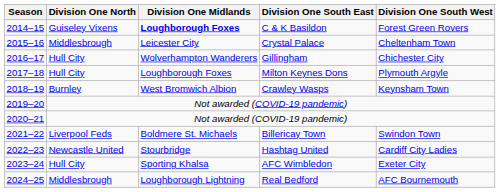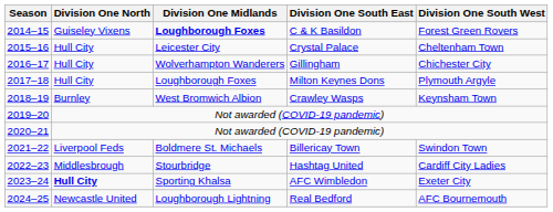 <table class="wikitable" style="font-size:90%;">
 <tr>
 <th>Season</th>
 <th>Division One North</th>
 <th>Division One Midlands</th>
 <th>Division One South East</th>
 <th>Division One South West</th>
 </tr>
 <tr>
 <td><a href='#'>2014–15</a></td>
 <td><a href='#'>Guiseley Vixens</a></td>
 <td><strong><a href='#'>Loughborough Foxes</a></strong></td>
 <td><a href='#'>C & K Basildon</a></td>
 <td><a href='#'>Forest Green Rovers</a></td>
 </tr>
 <tr>
 <td><a href='#'>2015–16</a></td>
-<td><a href='#'>Middlesbrough</a></td>
+<td><a href='#'>Hull City</a></td>
 <td><a href='#'>Leicester City</a></td>
 <td><a href='#'>Crystal Palace</a></td>
 <td><a href='#'>Cheltenham Town</a></td>
 </tr>
 <tr>
 <td><a href='#'>2016–17</a></td>
 <td><a href='#'>Hull City</a></td>
 <td><a href='#'>Wolverhampton Wanderers</a></td>
 <td><a href='#'>Gillingham</a></td>
 <td><a href='#'>Chichester City</a></td>
 </tr>
 <tr>
 <td><a href='#'>2017–18</a></td>
 <td><a href='#'>Hull City</a></td>
 <td><a href='#'>Loughborough Foxes</a></td>
 <td><a href='#'>Milton Keynes Dons</a></td>
 <td><a href='#'>Plymouth Argyle</a></td>
 </tr>
 <tr>
 <td><a href='#'>2018–19</a></td>
 <td><a href='#'>Burnley</a></td>
 <td><a href='#'>West Bromwich Albion</a></td>
 <td><a href='#'>Crawley Wasps</a></td>
 <td><a href='#'>Keynsham Town</a></td>
 </tr>
 <tr>
 <td><a href='#'>2019–20</a></td>
 <td colspan=4 style="text-align: center"><em>Not awarded (<a href='#'>COVID-19 pandemic</a>)</em></td>
 </tr>
 <tr>
 <td><a href='#'>2020–21</a></td>
 <td colspan=4 style="text-align: center"><em>Not awarded (COVID-19 pandemic)</em></td>
 </tr>
 <tr>
 <td><a href='#'>2021–22</a></td>
 <td><a href='#'>Liverpool Feds</a></td>
 <td><a href='#'>Boldmere St. Michaels</a></td>
 <td><a href='#'>Billericay Town</a></td>
 <td><a href='#'>Swindon Town</a></td>
 </tr>
 <tr>
 <td><a href='#'>2022–23</a></td>
-<td><a href='#'>Newcastle United</a></td>
+<td><a href='#'>Middlesbrough</a></td>
 <td><a href='#'>Stourbridge</a></td>
 <td><a href='#'>Hashtag United</a></td>
 <td><a href='#'>Cardiff City Ladies</a></td>
 </tr>
 <tr>
 <td><a href='#'>2023–24</a></td>
-<td><a href='#'>Hull City</a></td>
+<td><strong><a href='#'>Hull City</a></strong></td>
 <td><a href='#'>Sporting Khalsa</a></td>
 <td><a href='#'>AFC Wimbledon</a></td>
 <td><a href='#'>Exeter City</a></td>
 </tr>
 <tr>
 <td><a href='#'>2024–25</a></td>
-<td><a href='#'>Middlesbrough</a></td>
+<td><a href='#'>Newcastle United</a></td>
 <td><a href='#'>Loughborough Lightning</a></td>
 <td><a href='#'>Real Bedford</a></td>
 <td><a href='#'>AFC Bournemouth</a></td>
 </tr>
 </table>
